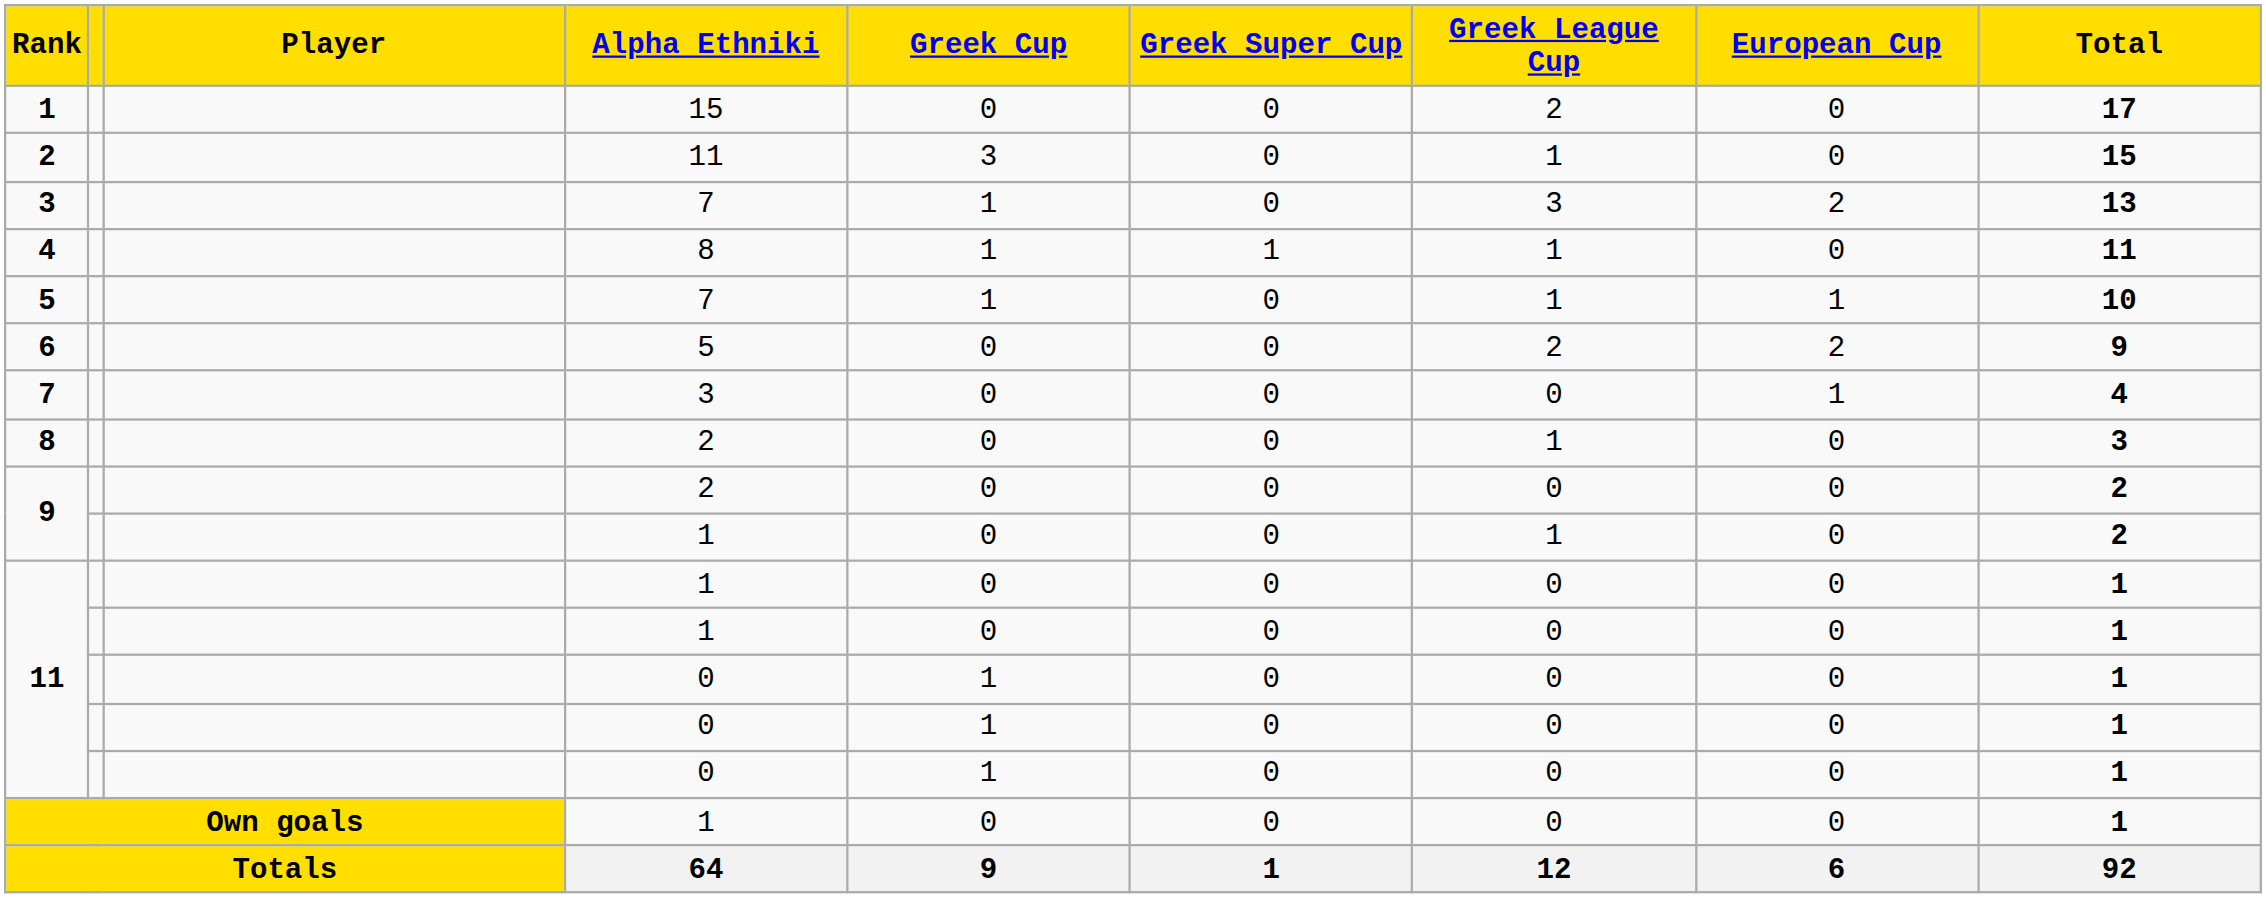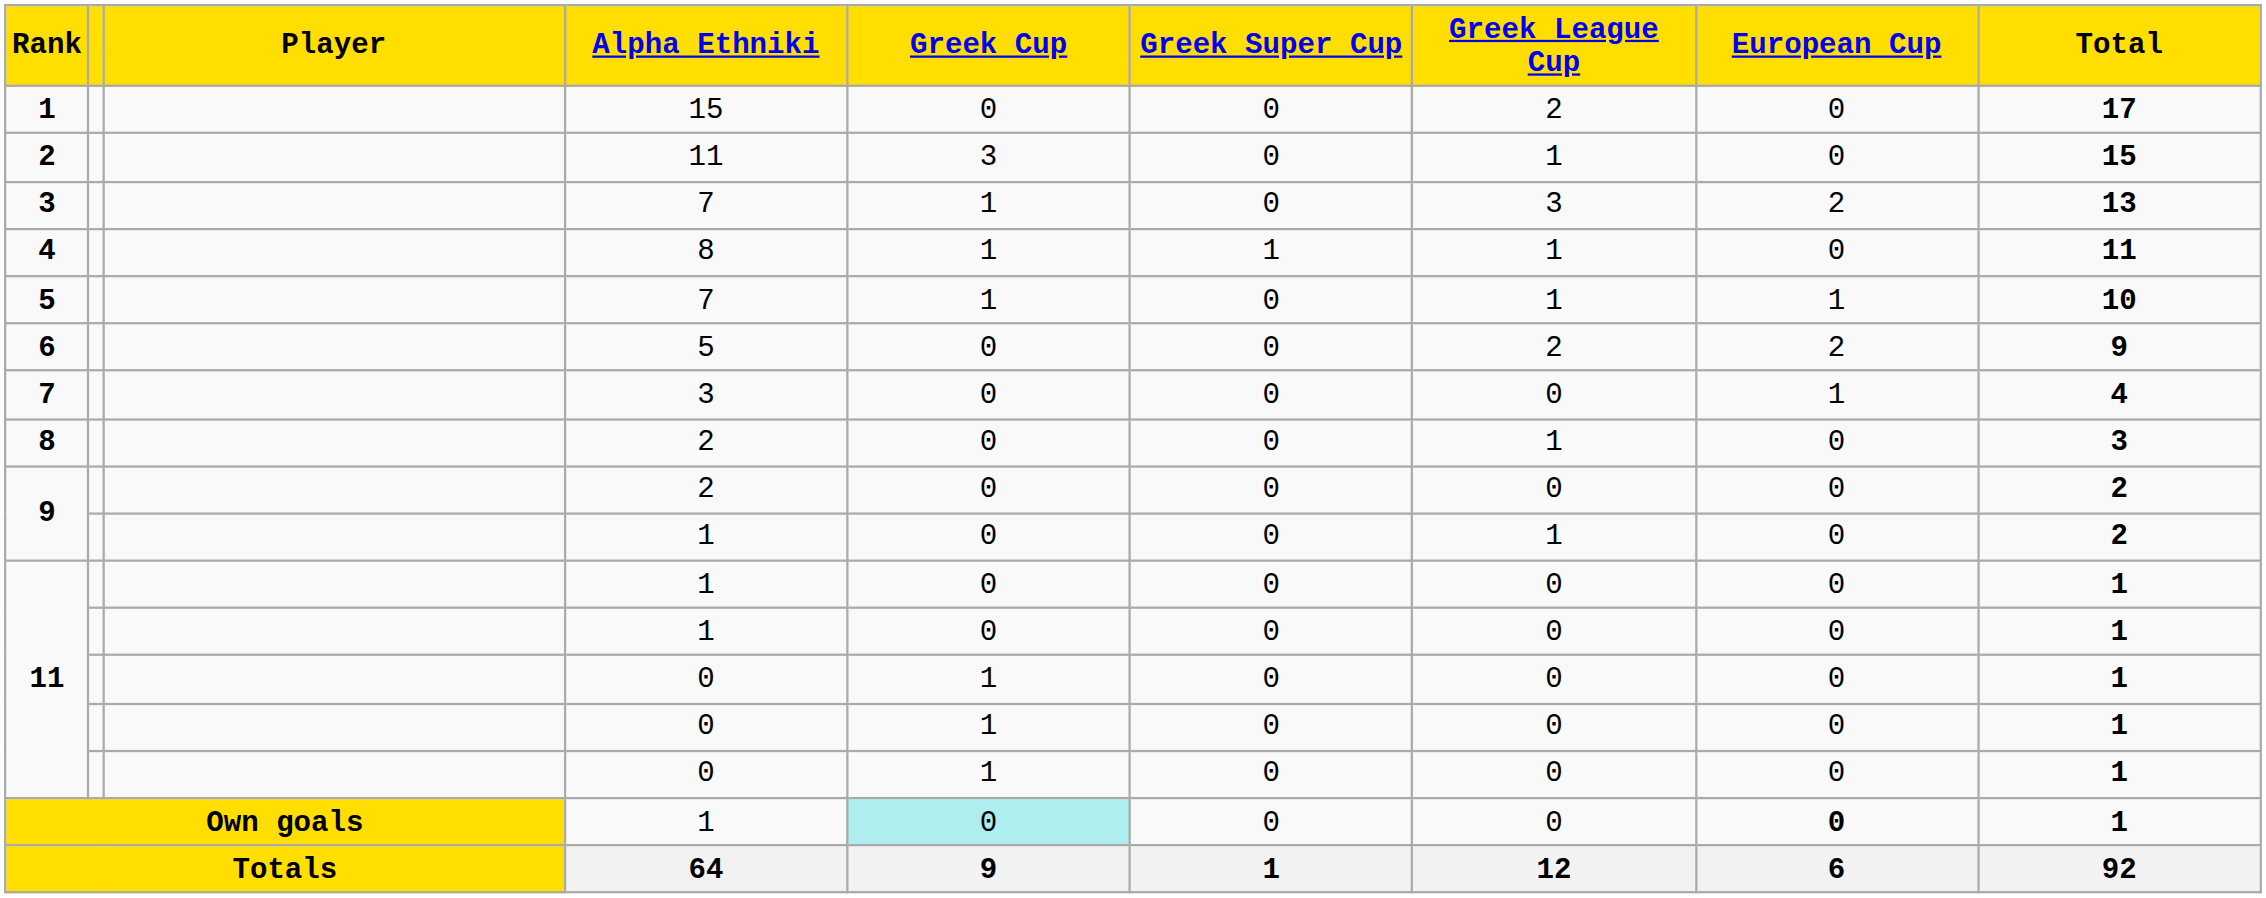 <table class="wikitable sortable" style="text-align: center">
 <tr>
 <th style="background:#FFDE00">Rank</th>
 <th style="background:#FFDE00"></th>
 <th width=200 style="background:#FFDE00">Player</th>
 <th width=120 style="background:#FFDE00"><a href='#'>Alpha Ethniki</a></th>
 <th width=120 style="background:#FFDE00"><a href='#'>Greek Cup</a></th>
 <th width=120 style="background:#FFDE00"><a href='#'>Greek Super Cup</a></th>
 <th width=120 style="background:#FFDE00"><a href='#'>Greek League Cup</a></th>
 <th width=120 style="background:#FFDE00"><a href='#'>European Cup</a></th>
 <th width=120 style="background:#FFDE00">Total</th>
 </tr>
 <tr>
 <td><strong>1</strong></td>
 <td></td>
 <td align=left></td>
 <td>15</td>
 <td>0</td>
 <td>0</td>
 <td>2</td>
 <td>0</td>
 <td><strong>17</strong></td>
 </tr>
 <tr>
 <td><strong>2</strong></td>
 <td></td>
 <td align=left></td>
 <td>11</td>
 <td>3</td>
 <td>0</td>
 <td>1</td>
 <td>0</td>
 <td><strong>15</strong></td>
 </tr>
 <tr>
 <td><strong>3</strong></td>
 <td></td>
 <td align=left></td>
 <td>7</td>
 <td>1</td>
 <td>0</td>
 <td>3</td>
 <td>2</td>
 <td><strong>13</strong></td>
 </tr>
 <tr>
 <td><strong>4</strong></td>
 <td></td>
 <td align=left></td>
 <td>8</td>
 <td>1</td>
 <td>1</td>
 <td>1</td>
 <td>0</td>
 <td><strong>11</strong></td>
 </tr>
 <tr>
 <td><strong>5</strong></td>
 <td></td>
 <td align=left></td>
 <td>7</td>
 <td>1</td>
 <td>0</td>
 <td>1</td>
 <td>1</td>
 <td><strong>10</strong></td>
 </tr>
 <tr>
 <td><strong>6</strong></td>
 <td></td>
 <td align=left></td>
 <td>5</td>
 <td>0</td>
 <td>0</td>
 <td>2</td>
 <td>2</td>
 <td><strong>9</strong></td>
 </tr>
 <tr>
 <td><strong>7</strong></td>
 <td></td>
 <td align=left></td>
 <td>3</td>
 <td>0</td>
 <td>0</td>
 <td>0</td>
 <td>1</td>
 <td><strong>4</strong></td>
 </tr>
 <tr>
 <td><strong>8</strong></td>
 <td></td>
 <td align=left></td>
 <td>2</td>
 <td>0</td>
 <td>0</td>
 <td>1</td>
 <td>0</td>
 <td><strong>3</strong></td>
 </tr>
 <tr>
 <td rowspan=2><strong>9</strong></td>
 <td></td>
 <td align=left></td>
 <td>2</td>
 <td>0</td>
 <td>0</td>
 <td>0</td>
 <td>0</td>
 <td><strong>2</strong></td>
 </tr>
 <tr>
 <td></td>
 <td align=left></td>
 <td>1</td>
 <td>0</td>
 <td>0</td>
 <td>1</td>
 <td>0</td>
 <td><strong>2</strong></td>
 </tr>
 <tr>
 <td rowspan=5><strong>11</strong></td>
 <td></td>
 <td align=left></td>
 <td>1</td>
 <td>0</td>
 <td>0</td>
 <td>0</td>
 <td>0</td>
 <td><strong>1</strong></td>
 </tr>
 <tr>
 <td></td>
 <td align=left></td>
 <td>1</td>
 <td>0</td>
 <td>0</td>
 <td>0</td>
 <td>0</td>
 <td><strong>1</strong></td>
 </tr>
 <tr>
 <td></td>
 <td align=left></td>
 <td>0</td>
 <td>1</td>
 <td>0</td>
 <td>0</td>
 <td>0</td>
 <td><strong>1</strong></td>
 </tr>
 <tr>
 <td></td>
 <td align=left></td>
 <td>0</td>
 <td>1</td>
 <td>0</td>
 <td>0</td>
 <td>0</td>
 <td><strong>1</strong></td>
 </tr>
 <tr>
 <td></td>
 <td align=left></td>
 <td>0</td>
 <td>1</td>
 <td>0</td>
 <td>0</td>
 <td>0</td>
 <td><strong>1</strong></td>
 </tr>
 <tr class="sortbottom">
 <td colspan=3 style="background:#FFDE00"><strong>Own goals</strong></td>
 <td>1</td>
+<td style="background: paleturquoise;">0</td>
 <td>0</td>
 <td>0</td>
-<td>0</td>
-<td>0</td>
+<td><strong>0</strong></td>
 <td><strong>1</strong></td>
 </tr>
 <tr class="sortbottom">
 <th colspan=3 style="background:#FFDE00"><strong>Totals</strong></th>
 <th><strong>64</strong></th>
 <th><strong> 9</strong></th>
 <th><strong> 1</strong></th>
 <th><strong>12</strong></th>
 <th><strong> 6</strong></th>
 <th><strong>92</strong></th>
 </tr>
 </table>
